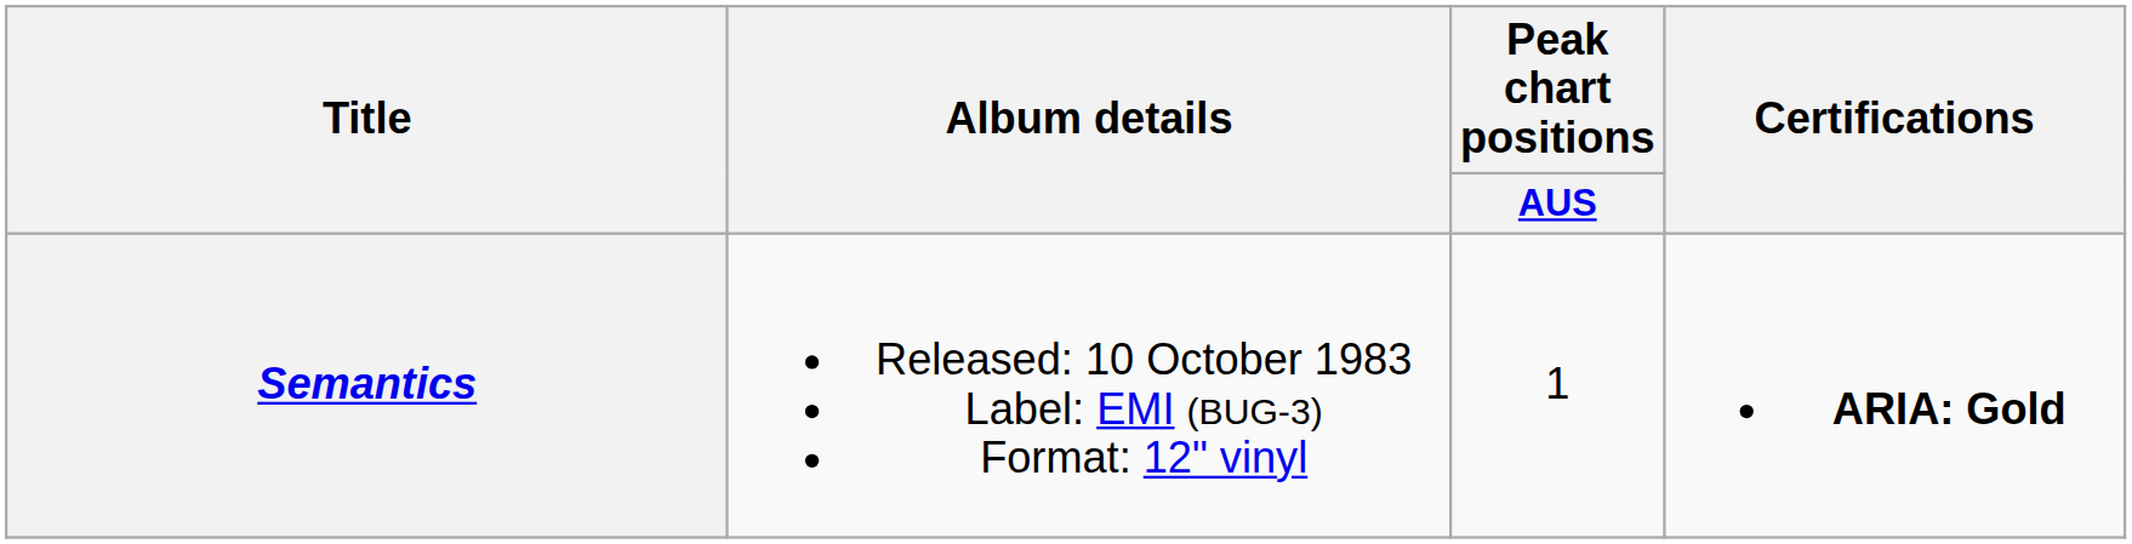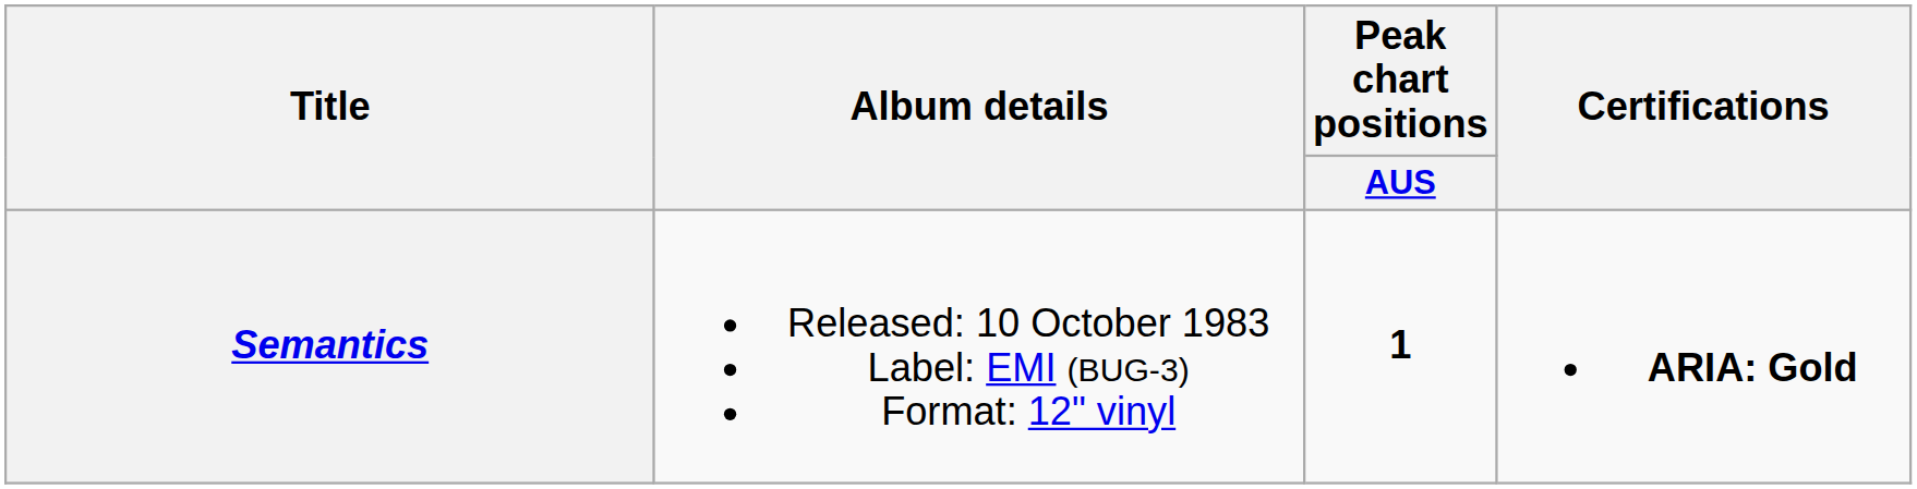 <table class="wikitable plainrowheaders" style="text-align:center;">
 <tr>
 <th scope="col" rowspan="2" style="width:16em;">Title</th>
 <th scope="col" rowspan="2" style="width:16em;">Album details</th>
 <th scope="col" colspan="1">Peak chart<br>positions</th>
 <th scope="col" rowspan="2" style="width:10em;">Certifications</th>
 </tr>
 <tr>
 <th style="width:3em;font-size:85%"><a href='#'>AUS</a><br></th>
 </tr>
 <tr>
 <th scope="row"><em><a href='#'>Semantics</a></em></th>
 <td><br><ul><li>Released: 10 October 1983</li><li>Label: <a href='#'>EMI</a> <small>(BUG-3)</small></li><li>Format: <a href='#'>12" vinyl</a></li></ul></td>
-<td>1</td>
+<td><strong>1</strong></td>
 <td><strong><br><ul><li>ARIA: Gold</li></ul></strong></td>
 </tr>
 </table>
